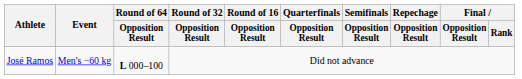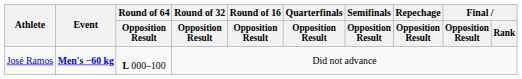 <table class="wikitable" style="font-size:90%">
 <tr>
 <th rowspan="2">Athlete</th>
 <th rowspan="2">Event</th>
 <th>Round of 64</th>
 <th>Round of 32</th>
 <th>Round of 16</th>
 <th>Quarterfinals</th>
 <th>Semifinals</th>
 <th>Repechage</th>
 <th colspan=2>Final / </th>
 </tr>
 <tr style="font-size:95%">
 <th>Opposition<br>Result</th>
 <th>Opposition<br>Result</th>
 <th>Opposition<br>Result</th>
 <th>Opposition<br>Result</th>
 <th>Opposition<br>Result</th>
 <th>Opposition<br>Result</th>
 <th>Opposition<br>Result</th>
 <th>Rank</th>
 </tr>
 <tr align=center>
 <td align=left><a href='#'>José Ramos</a></td>
-<td align=left><a href='#'>Men's −60 kg</a></td>
+<td align=left><strong><a href='#'>Men's −60 kg</a></strong></td>
 <td><br><strong>L</strong> 000–100</td>
 <td colspan=7>Did not advance</td>
 </tr>
 </table>
